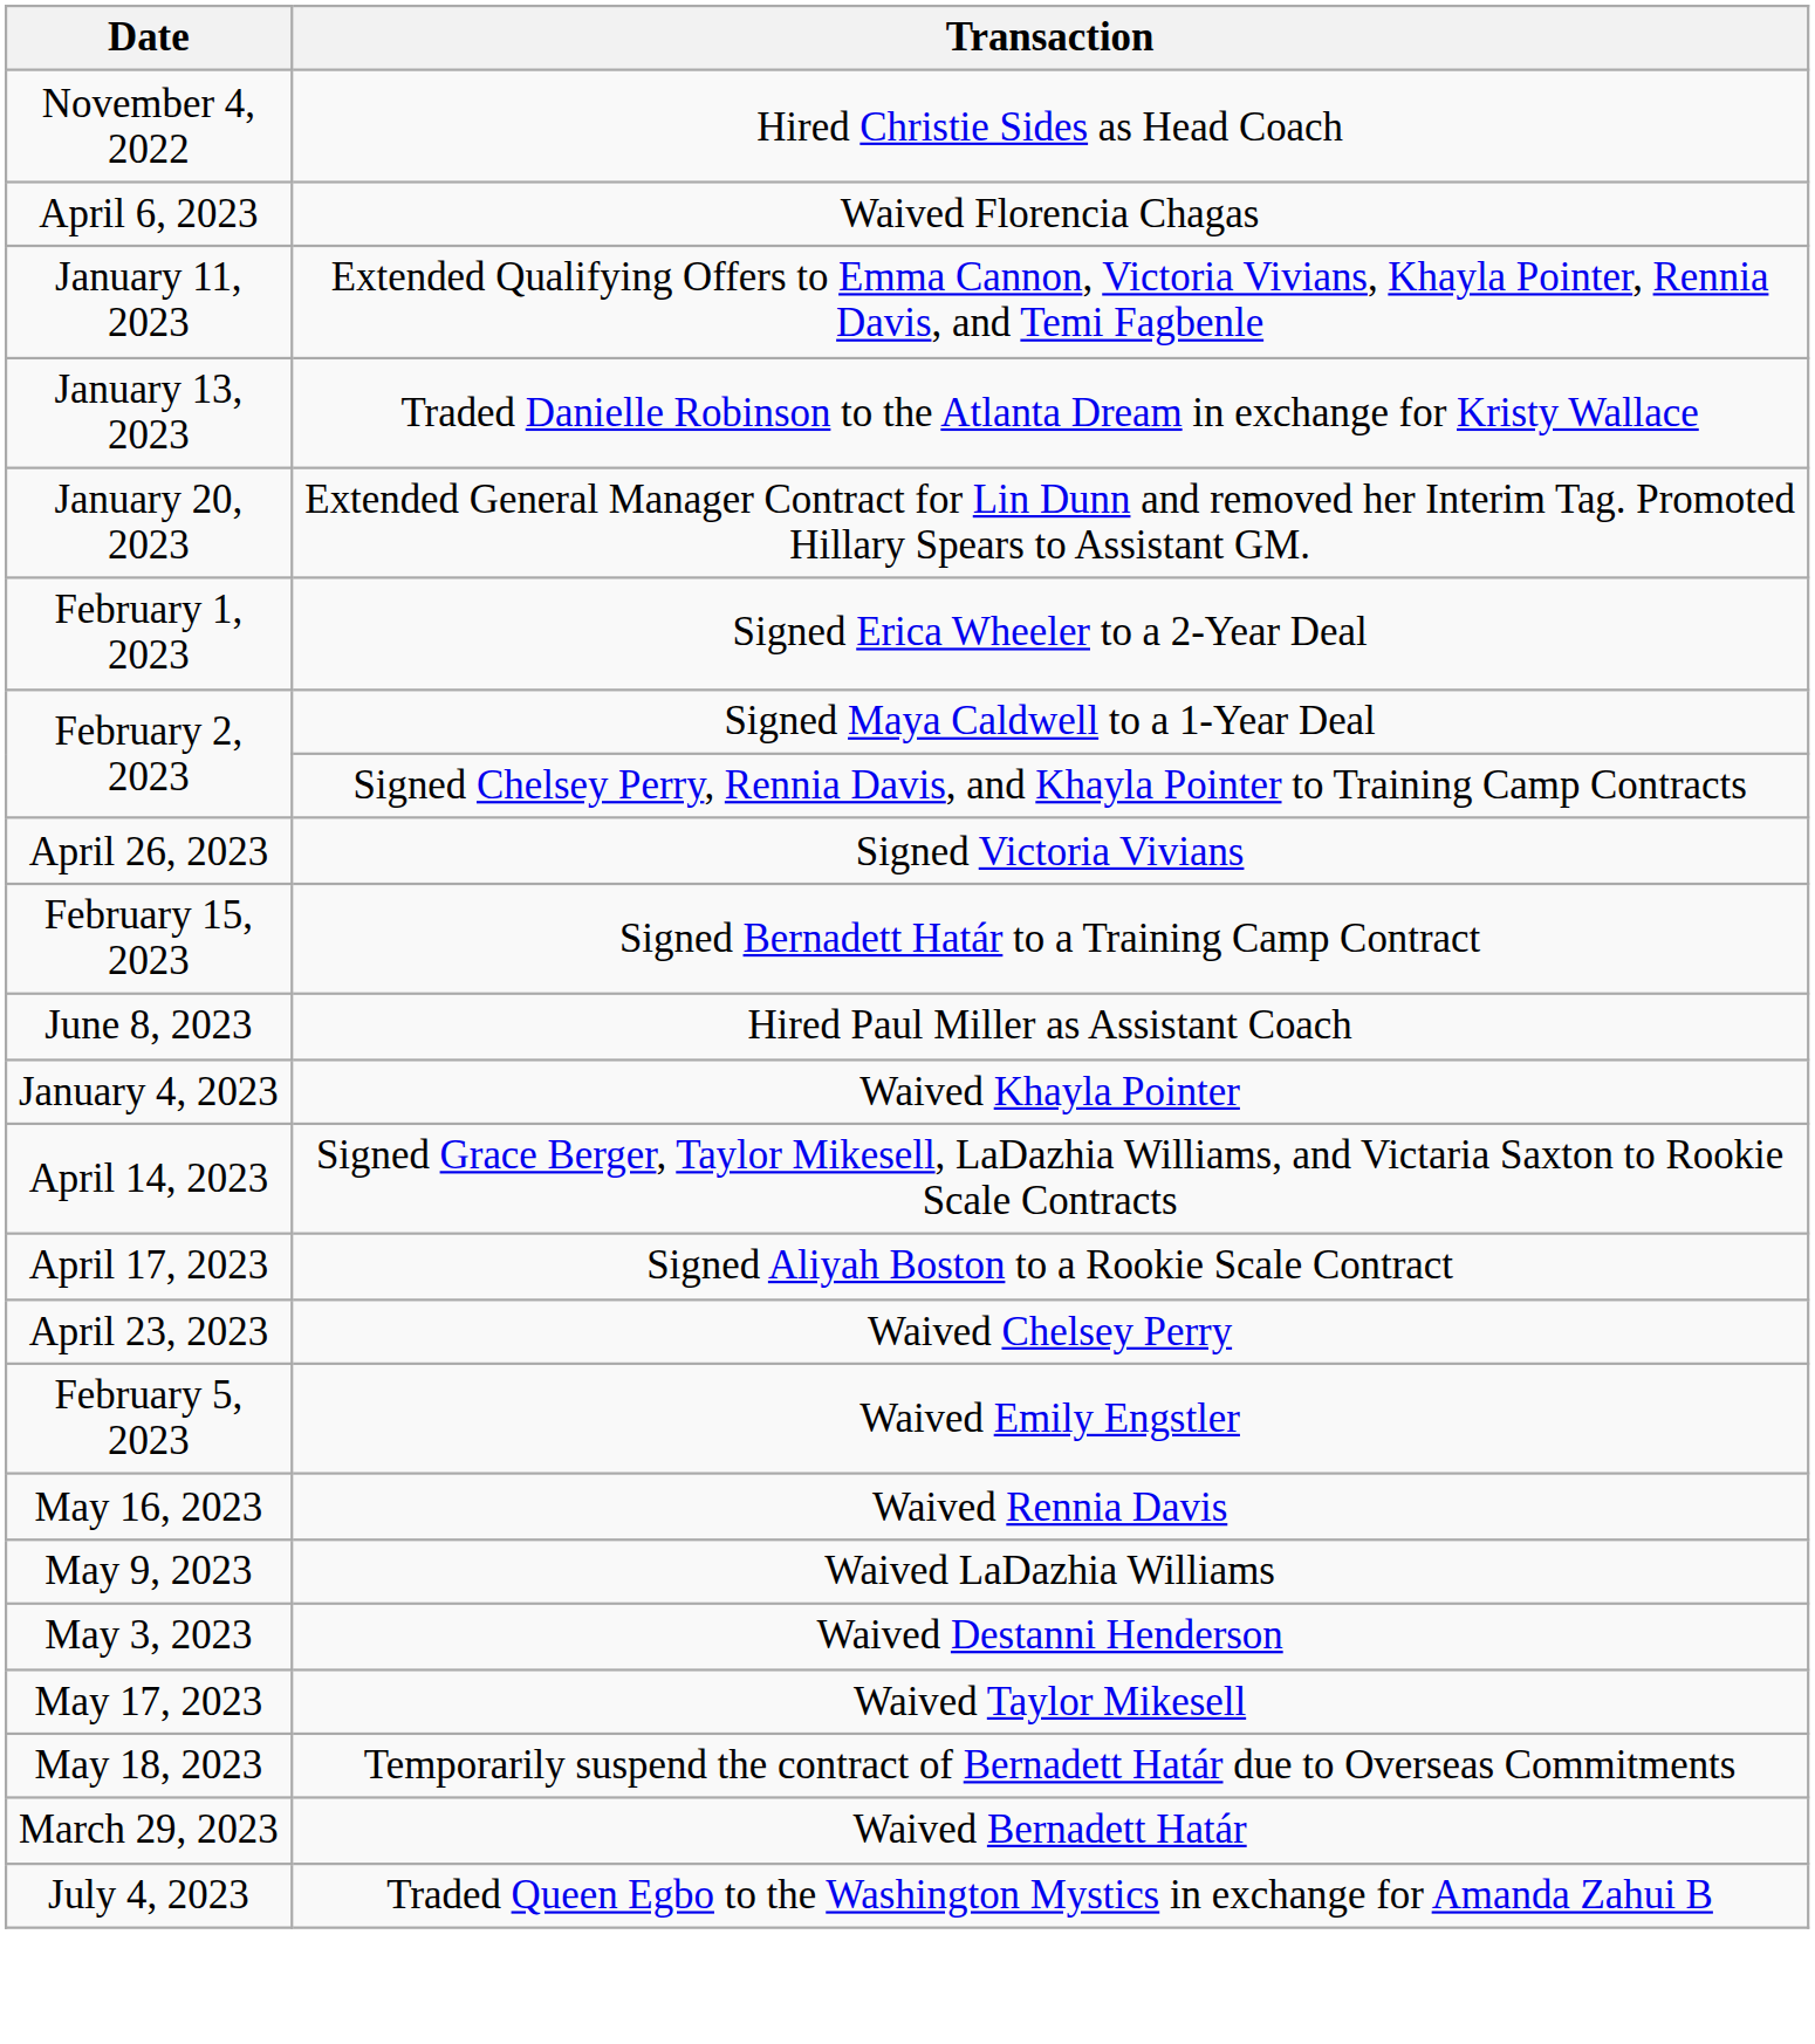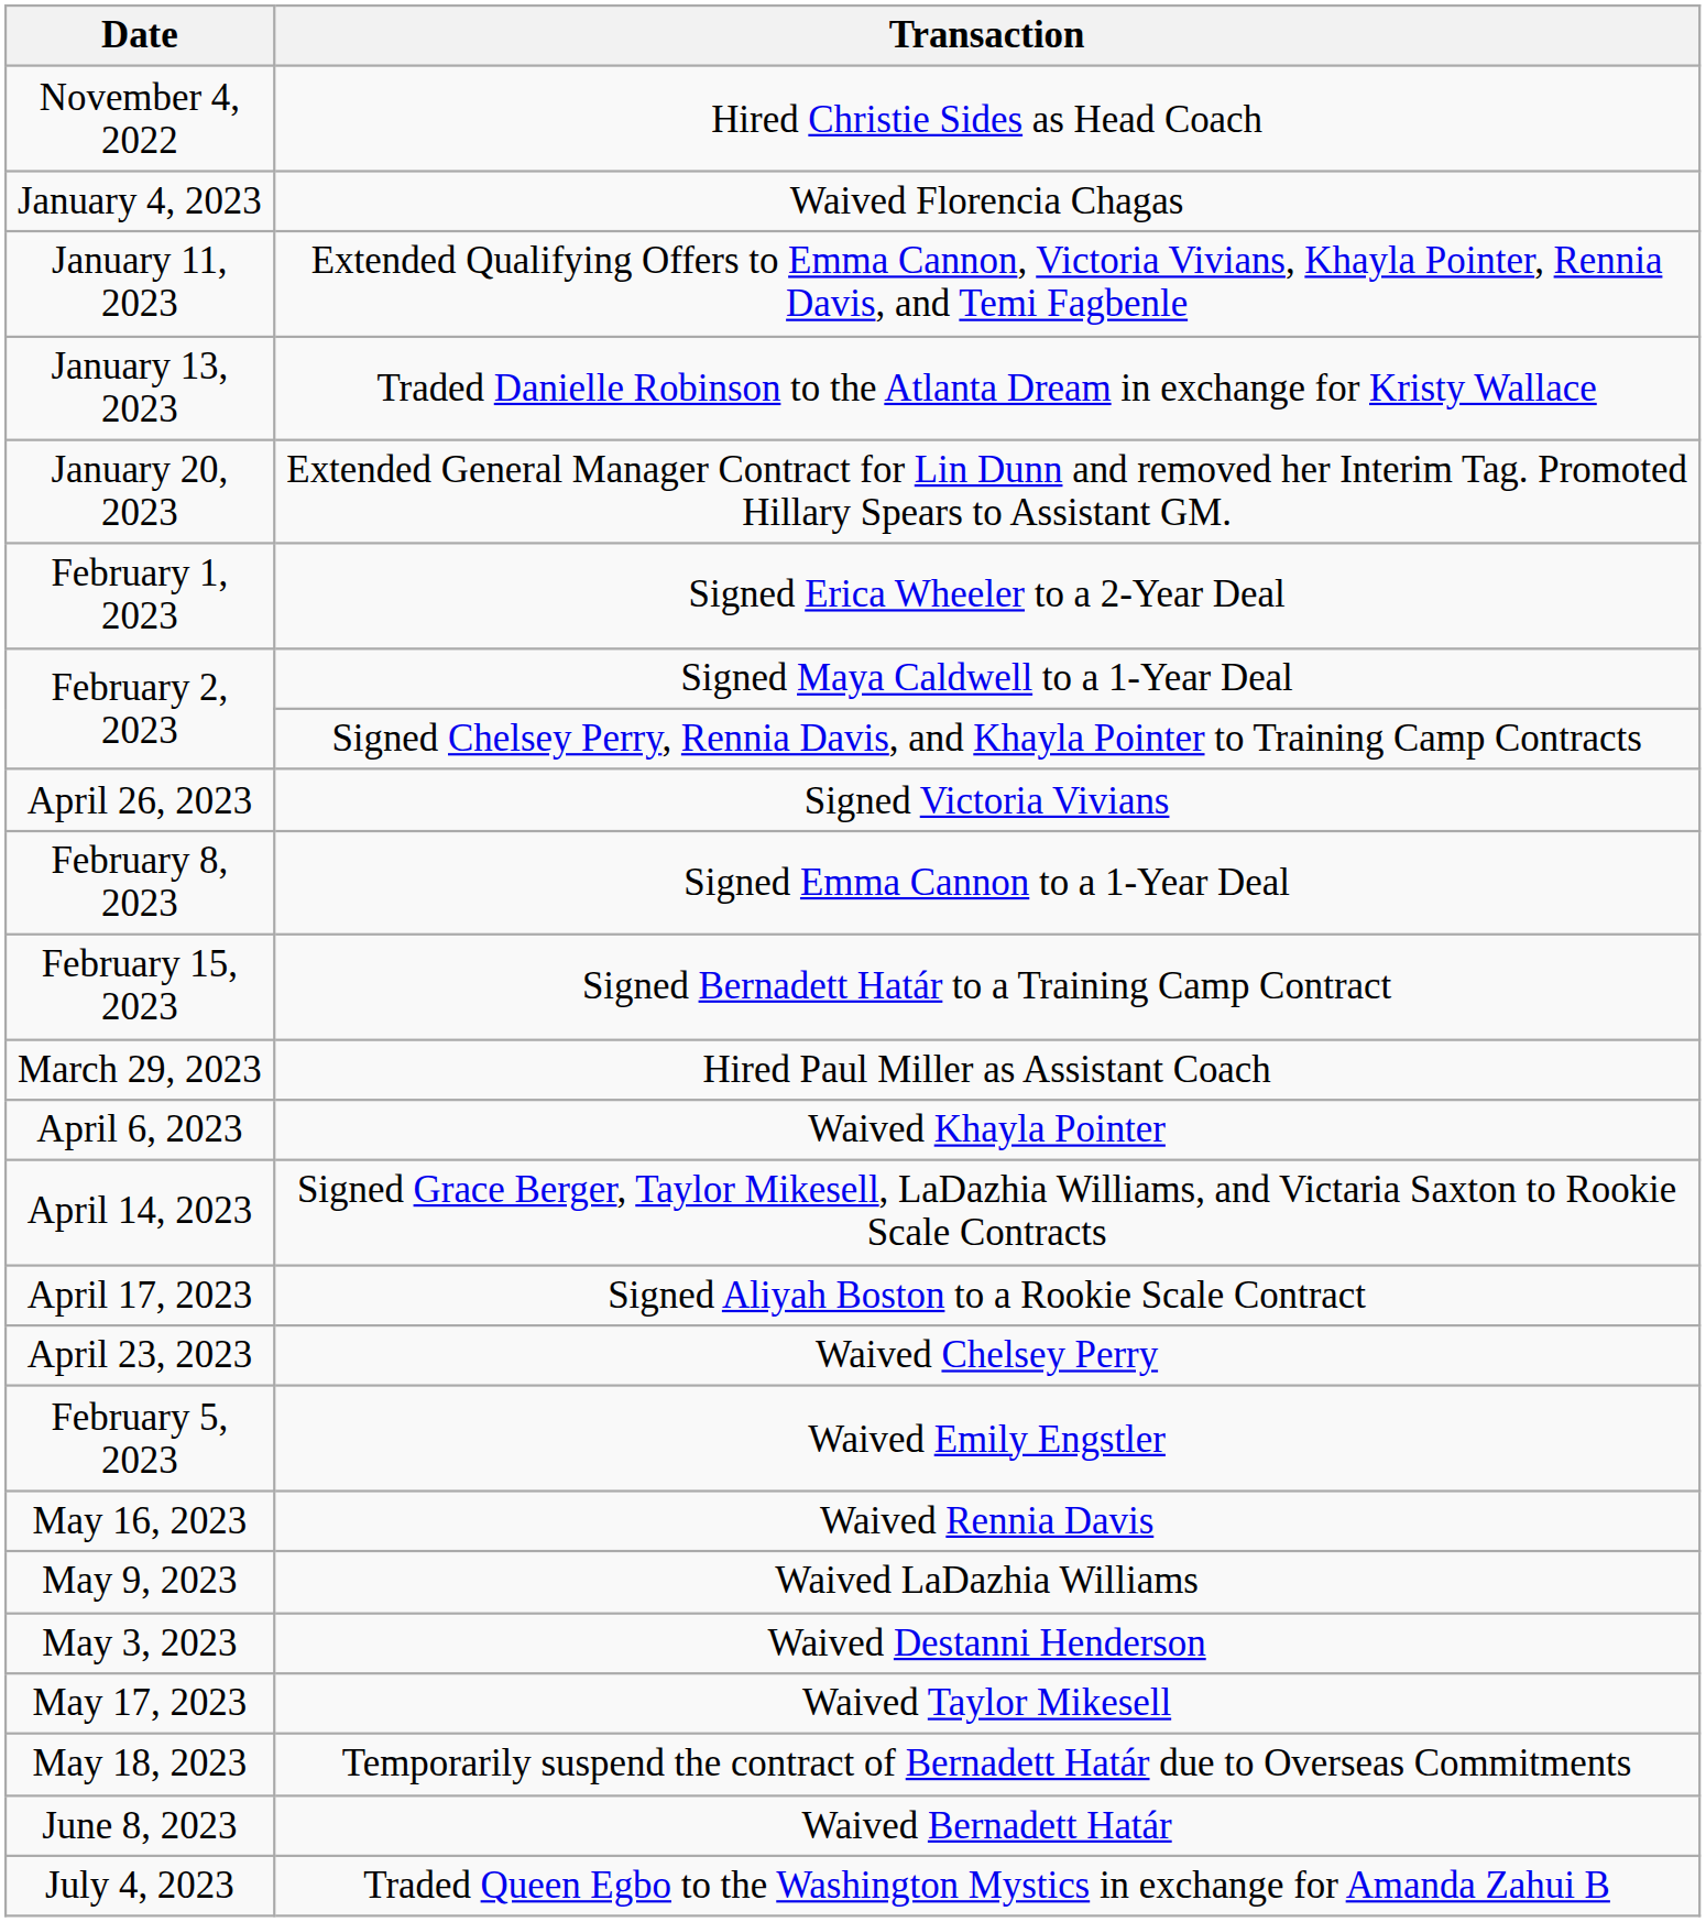 <table class="wikitable" style="width:80%; text-align: center;">
 <tr>
 <th>Date</th>
 <th>Transaction</th>
 </tr>
 <tr>
 <td>November 4, 2022</td>
 <td>Hired <a href='#'>Christie Sides</a> as Head Coach</td>
 </tr>
 <tr>
-<td>April 6, 2023</td>
+<td>January 4, 2023</td>
 <td>Waived Florencia Chagas</td>
 </tr>
 <tr>
 <td>January 11, 2023</td>
 <td>Extended Qualifying Offers to <a href='#'>Emma Cannon</a>, <a href='#'>Victoria Vivians</a>, <a href='#'>Khayla Pointer</a>, <a href='#'>Rennia Davis</a>, and <a href='#'>Temi Fagbenle</a></td>
 </tr>
 <tr>
 <td>January 13, 2023</td>
 <td>Traded <a href='#'>Danielle Robinson</a> to the <a href='#'>Atlanta Dream</a> in exchange for <a href='#'>Kristy Wallace</a></td>
 </tr>
 <tr>
 <td>January 20, 2023</td>
 <td>Extended General Manager Contract for <a href='#'>Lin Dunn</a> and removed her Interim Tag. Promoted Hillary Spears to Assistant GM.</td>
 </tr>
 <tr>
 <td>February 1, 2023</td>
 <td>Signed <a href='#'>Erica Wheeler</a> to a 2-Year Deal</td>
 </tr>
 <tr>
 <td rowspan=2>February 2, 2023</td>
 <td>Signed <a href='#'>Maya Caldwell</a> to a 1-Year Deal</td>
 </tr>
 <tr>
 <td>Signed <a href='#'>Chelsey Perry</a>, <a href='#'>Rennia Davis</a>, and <a href='#'>Khayla Pointer</a> to Training Camp Contracts</td>
 </tr>
 <tr>
 <td>April 26, 2023</td>
 <td>Signed <a href='#'>Victoria Vivians</a></td>
 </tr>
 <tr>
+<td>February 8, 2023</td>
+<td>Signed <a href='#'>Emma Cannon</a> to a 1-Year Deal</td>
+</tr>
+<tr>
 <td>February 15, 2023</td>
 <td>Signed <a href='#'>Bernadett Határ</a> to a Training Camp Contract</td>
 </tr>
 <tr>
-<td>June 8, 2023</td>
+<td>March 29, 2023</td>
 <td>Hired Paul Miller as Assistant Coach</td>
 </tr>
 <tr>
-<td>January 4, 2023</td>
+<td>April 6, 2023</td>
 <td>Waived <a href='#'>Khayla Pointer</a></td>
 </tr>
 <tr>
 <td>April 14, 2023</td>
 <td>Signed <a href='#'>Grace Berger</a>, <a href='#'>Taylor Mikesell</a>, LaDazhia Williams, and Victaria Saxton to Rookie Scale Contracts</td>
 </tr>
 <tr>
 <td>April 17, 2023</td>
 <td>Signed <a href='#'>Aliyah Boston</a> to a Rookie Scale Contract</td>
 </tr>
 <tr>
 <td>April 23, 2023</td>
 <td>Waived <a href='#'>Chelsey Perry</a></td>
 </tr>
 <tr>
 <td>February 5, 2023</td>
 <td>Waived <a href='#'>Emily Engstler</a></td>
 </tr>
 <tr>
 <td>May 16, 2023</td>
 <td>Waived <a href='#'>Rennia Davis</a></td>
 </tr>
 <tr>
 <td>May 9, 2023</td>
 <td>Waived LaDazhia Williams</td>
 </tr>
 <tr>
 <td>May 3, 2023</td>
 <td>Waived <a href='#'>Destanni Henderson</a></td>
 </tr>
 <tr>
 <td>May 17, 2023</td>
 <td>Waived <a href='#'>Taylor Mikesell</a></td>
 </tr>
 <tr>
 <td>May 18, 2023</td>
 <td>Temporarily suspend the contract of <a href='#'>Bernadett Határ</a> due to Overseas Commitments</td>
 </tr>
 <tr>
-<td>March 29, 2023</td>
+<td>June 8, 2023</td>
 <td>Waived <a href='#'>Bernadett Határ</a></td>
 </tr>
 <tr>
 <td>July 4, 2023</td>
 <td>Traded <a href='#'>Queen Egbo</a> to the <a href='#'>Washington Mystics</a> in exchange for <a href='#'>Amanda Zahui B</a></td>
 </tr>
 </table>
